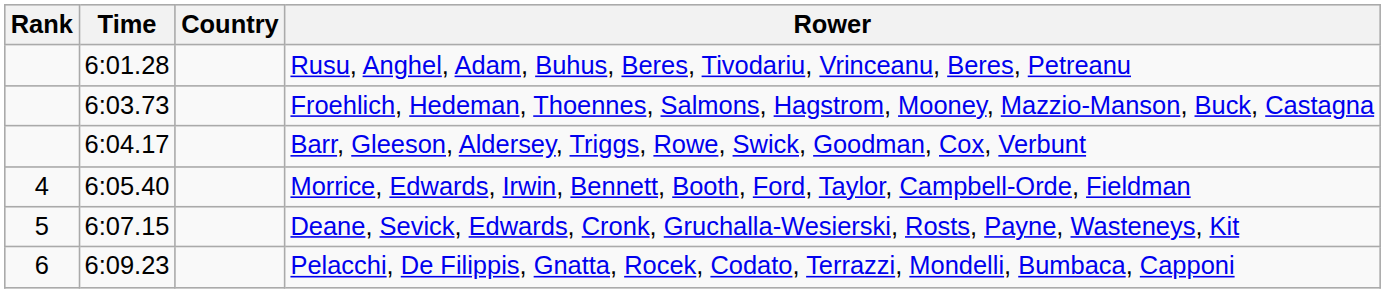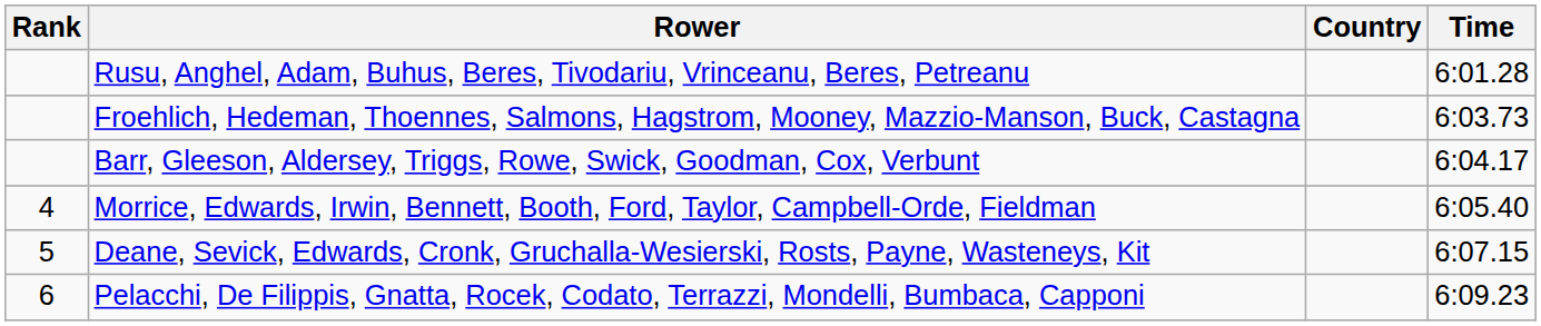 <table class="wikitable" style="text-align:center">
 <tr>
 <th>Rank</th>
+<th>Rower</th>
+<th>Country</th>
 <th>Time</th>
-<th>Country</th>
-<th>Rower</th>
 </tr>
 <tr>
 <td></td>
+<td align="left"><a href='#'>Rusu</a>, <a href='#'>Anghel</a>, <a href='#'>Adam</a>, <a href='#'>Buhus</a>, <a href='#'>Beres</a>, <a href='#'>Tivodariu</a>, <a href='#'>Vrinceanu</a>, <a href='#'>Beres</a>, <a href='#'>Petreanu</a></td>
+<td align="left"></td>
 <td>6:01.28</td>
-<td align="left"></td>
-<td align="left"><a href='#'>Rusu</a>, <a href='#'>Anghel</a>, <a href='#'>Adam</a>, <a href='#'>Buhus</a>, <a href='#'>Beres</a>, <a href='#'>Tivodariu</a>, <a href='#'>Vrinceanu</a>, <a href='#'>Beres</a>, <a href='#'>Petreanu</a></td>
 </tr>
 <tr>
 <td></td>
+<td align="left"><a href='#'>Froehlich</a>, <a href='#'>Hedeman</a>, <a href='#'>Thoennes</a>, <a href='#'>Salmons</a>, <a href='#'>Hagstrom</a>, <a href='#'>Mooney</a>, <a href='#'>Mazzio-Manson</a>, <a href='#'>Buck</a>, <a href='#'>Castagna</a></td>
+<td align="left"></td>
 <td>6:03.73</td>
-<td align="left"></td>
-<td align="left"><a href='#'>Froehlich</a>, <a href='#'>Hedeman</a>, <a href='#'>Thoennes</a>, <a href='#'>Salmons</a>, <a href='#'>Hagstrom</a>, <a href='#'>Mooney</a>, <a href='#'>Mazzio-Manson</a>, <a href='#'>Buck</a>, <a href='#'>Castagna</a></td>
 </tr>
 <tr>
 <td></td>
+<td align="left"><a href='#'>Barr</a>, <a href='#'>Gleeson</a>, <a href='#'>Aldersey</a>, <a href='#'>Triggs</a>, <a href='#'>Rowe</a>, <a href='#'>Swick</a>, <a href='#'>Goodman</a>, <a href='#'>Cox</a>, <a href='#'>Verbunt</a></td>
+<td align="left"></td>
 <td>6:04.17</td>
-<td align="left"></td>
-<td align="left"><a href='#'>Barr</a>, <a href='#'>Gleeson</a>, <a href='#'>Aldersey</a>, <a href='#'>Triggs</a>, <a href='#'>Rowe</a>, <a href='#'>Swick</a>, <a href='#'>Goodman</a>, <a href='#'>Cox</a>, <a href='#'>Verbunt</a></td>
 </tr>
 <tr>
 <td>4</td>
+<td align="left"><a href='#'>Morrice</a>, <a href='#'>Edwards</a>, <a href='#'>Irwin</a>, <a href='#'>Bennett</a>, <a href='#'>Booth</a>, <a href='#'>Ford</a>, <a href='#'>Taylor</a>, <a href='#'>Campbell-Orde</a>, <a href='#'>Fieldman</a></td>
+<td align="left"></td>
 <td>6:05.40</td>
-<td align="left"></td>
-<td align="left"><a href='#'>Morrice</a>, <a href='#'>Edwards</a>, <a href='#'>Irwin</a>, <a href='#'>Bennett</a>, <a href='#'>Booth</a>, <a href='#'>Ford</a>, <a href='#'>Taylor</a>, <a href='#'>Campbell-Orde</a>, <a href='#'>Fieldman</a></td>
 </tr>
 <tr>
 <td>5</td>
+<td align="left"><a href='#'>Deane</a>, <a href='#'>Sevick</a>, <a href='#'>Edwards</a>, <a href='#'>Cronk</a>, <a href='#'>Gruchalla-Wesierski</a>, <a href='#'>Rosts</a>, <a href='#'>Payne</a>, <a href='#'>Wasteneys</a>, <a href='#'>Kit</a></td>
+<td align="left"></td>
 <td>6:07.15</td>
-<td align="left"></td>
-<td align="left"><a href='#'>Deane</a>, <a href='#'>Sevick</a>, <a href='#'>Edwards</a>, <a href='#'>Cronk</a>, <a href='#'>Gruchalla-Wesierski</a>, <a href='#'>Rosts</a>, <a href='#'>Payne</a>, <a href='#'>Wasteneys</a>, <a href='#'>Kit</a></td>
 </tr>
 <tr>
 <td>6</td>
+<td align="left"><a href='#'>Pelacchi</a>, <a href='#'>De Filippis</a>, <a href='#'>Gnatta</a>, <a href='#'>Rocek</a>, <a href='#'>Codato</a>, <a href='#'>Terrazzi</a>, <a href='#'>Mondelli</a>, <a href='#'>Bumbaca</a>, <a href='#'>Capponi</a></td>
+<td align="left"></td>
 <td>6:09.23</td>
-<td align="left"></td>
-<td align="left"><a href='#'>Pelacchi</a>, <a href='#'>De Filippis</a>, <a href='#'>Gnatta</a>, <a href='#'>Rocek</a>, <a href='#'>Codato</a>, <a href='#'>Terrazzi</a>, <a href='#'>Mondelli</a>, <a href='#'>Bumbaca</a>, <a href='#'>Capponi</a></td>
 </tr>
 </table>
